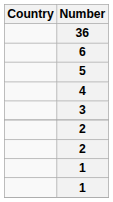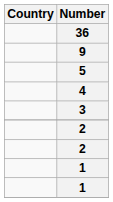 <table class="wikitable centre sortable">
 <tr>
 <th>Country</th>
 <th>Number</th>
 </tr>
 <tr>
 <td></td>
 <th>36</th>
 </tr>
 <tr>
 <td></td>
-<th>6</th>
+<th>9</th>
 </tr>
 <tr>
 <td></td>
 <th>5</th>
 </tr>
 <tr>
 <td></td>
 <th>4</th>
 </tr>
 <tr>
 <td></td>
 <th>3</th>
 </tr>
 <tr>
 </tr>
 <tr>
 <td></td>
 <th>2</th>
 </tr>
 <tr>
 <td></td>
 <th>2</th>
 </tr>
 <tr>
 <td></td>
 <th>1</th>
 </tr>
 <tr>
 <td></td>
 <th>1</th>
 </tr>
 <tr>
 </tr>
 <tr class="sortbottom">
 </tr>
 </table>
